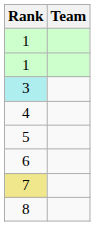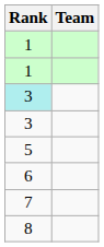 <table class=wikitable style="text-align: center;">
 <tr>
 <th>Rank</th>
 <th>Team</th>
 </tr>
 <tr style="background: #CCFFCC;">
 <td>1</td>
 <td style="text-align: left;"><strong></strong></td>
 </tr>
 <tr style="background: #CCFFCC;">
 <td>1</td>
 <td style="text-align: left;"><strong></strong></td>
 </tr>
 <tr>
 <td style="background: paleturquoise;">3</td>
 <td style="text-align: left;"></td>
 </tr>
 <tr>
-<td>4</td>
+<td>3</td>
 <td style="text-align: left;"></td>
 </tr>
 <tr>
 <td>5</td>
 <td style="text-align: left;"></td>
 </tr>
 <tr>
 <td>6</td>
 <td style="text-align: left;"></td>
 </tr>
 <tr>
-<td style="background: khaki;">7</td>
+<td>7</td>
 <td style="text-align: left;"></td>
 </tr>
 <tr>
 <td>8</td>
 <td style="text-align: left;"></td>
 </tr>
 </table>
